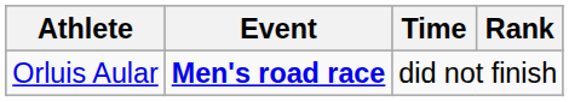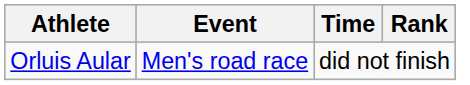 <table class=wikitable style=font-size:90%;text-align:center>
 <tr>
 <th>Athlete</th>
 <th>Event</th>
 <th>Time</th>
 <th>Rank</th>
 </tr>
 <tr>
 <td align=left><a href='#'>Orluis Aular</a></td>
-<td align=left><strong><a href='#'>Men's road race</a></strong></td>
+<td align=left><a href='#'>Men's road race</a></td>
 <td colspan=2>did not finish</td>
 </tr>
 </table>
